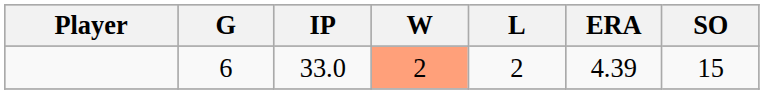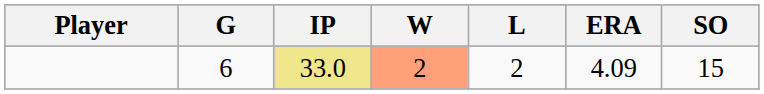 <table class="wikitable sortable">
 <tr>
 <th bgcolor="#DDDDFF" width="16%">Player</th>
 <th bgcolor="#DDDDFF" width="9%">G</th>
 <th bgcolor="#DDDDFF" width="9%">IP</th>
 <th bgcolor="#DDDDFF" width="9%">W</th>
 <th bgcolor="#DDDDFF" width="9%">L</th>
 <th bgcolor="#DDDDFF" width="9%">ERA</th>
 <th bgcolor="#DDDDFF" width="9%">SO</th>
 </tr>
 <tr align="center">
 <td></td>
 <td>6</td>
-<td>33.0</td>
+<td style="background: khaki;">33.0</td>
 <td style="background: lightsalmon;">2</td>
 <td>2</td>
-<td>4.39</td>
+<td>4.09</td>
 <td>15</td>
 </tr>
 </table>
